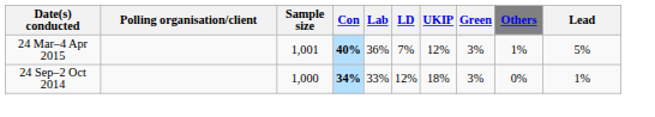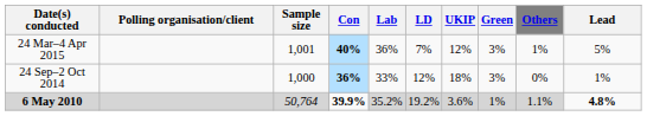 <table class="wikitable sortable" style="text-align:center;font-size:90%;line-height:14px">
 <tr>
 <th ! style="width:105px;">Date(s)<br>conducted</th>
 <th style="width:200px;">Polling organisation/client</th>
 <th class="unsortable" style="width:60px;">Sample size</th>
 <th class="unsortable" style="background:"><a href='#'><span>Con</span></a></th>
 <th class="unsortable" style="background:"><a href='#'><span>Lab</span></a></th>
 <th class="unsortable" style="background:"><a href='#'><span>LD</span></a></th>
 <th class="unsortable" style="background:"><a href='#'><span>UKIP</span></a></th>
 <th class="unsortable" style="background:"><a href='#'><span>Green</span></a></th>
 <th class="unsortable" style="background:gray; width:50px;"><a href='#'><span>Others</span></a></th>
 <th class="unsortable" style="width:85px;">Lead</th>
 </tr>
 <tr>
 <td>24 Mar–4 Apr 2015</td>
 <td></td>
 <td>1,001</td>
 <td style="background:#B3E0FF"><strong>40%</strong></td>
 <td>36%</td>
 <td>7%</td>
 <td>12%</td>
 <td>3%</td>
 <td>1%</td>
 <td style="background:">5%</td>
 </tr>
 <tr>
 <td>24 Sep–2 Oct 2014</td>
 <td></td>
 <td>1,000</td>
-<td style="background:#B3E0FF"><strong>34%</strong></td>
+<td style="background:#B3E0FF"><strong>36%</strong></td>
 <td>33%</td>
 <td>12%</td>
 <td>18%</td>
 <td>3%</td>
 <td>0%</td>
 <td style="background:">1%</td>
 </tr>
+<tr>
+<td style="background:#D5D5D5"><strong>6 May 2010</strong></td>
+<td style="background:#D5D5D5"></td>
+<td style="background:#D5D5D5"><em>50,764</em></td>
+<td style="background:"><strong>39.9%</strong></td>
+<td style="background:#D5D5D5">35.2%</td>
+<td style="background:#D5D5D5">19.2%</td>
+<td style="background:#D5D5D5">3.6%</td>
+<td style="background:#D5D5D5">1%</td>
+<td style="background:#D5D5D5">1.1%</td>
+<td style="background:"><strong>4.8% </strong></td>
+</tr>
 </table>
